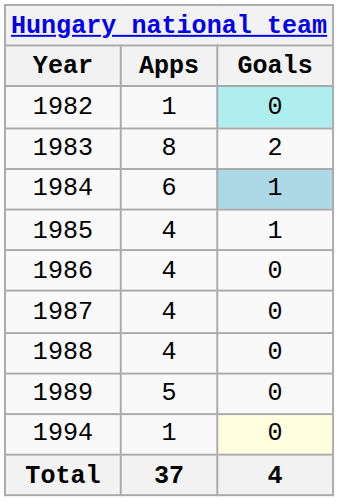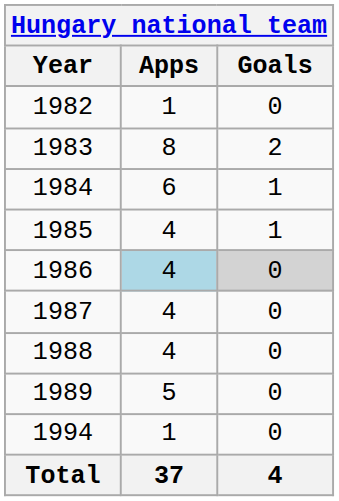 <table class="wikitable" style="text-align:center">
 <tr>
 <th colspan=3><a href='#'>Hungary national team</a></th>
 </tr>
 <tr>
 <th>Year</th>
 <th>Apps</th>
 <th>Goals</th>
 </tr>
 <tr>
 </tr>
 <tr>
 <td>1982</td>
 <td>1</td>
-<td style="background: paleturquoise;">0</td>
+<td>0</td>
 </tr>
 <tr>
 <td>1983</td>
 <td>8</td>
 <td>2</td>
 </tr>
 <tr>
 <td>1984</td>
 <td>6</td>
-<td style="background: lightblue;">1</td>
+<td>1</td>
 </tr>
 <tr>
 <td>1985</td>
 <td>4</td>
 <td>1</td>
 </tr>
 <tr>
 <td>1986</td>
-<td>4</td>
-<td>0</td>
+<td style="background: lightblue;">4</td>
+<td style="background: lightgrey;">0</td>
 </tr>
 <tr>
 <td>1987</td>
 <td>4</td>
 <td>0</td>
 </tr>
 <tr>
 <td>1988</td>
 <td>4</td>
 <td>0</td>
 </tr>
 <tr>
 <td>1989</td>
 <td>5</td>
 <td>0</td>
 </tr>
 <tr>
 <td>1994</td>
 <td>1</td>
-<td style="background: lightyellow;">0</td>
+<td>0</td>
 </tr>
 <tr>
 <th>Total</th>
 <th>37</th>
 <th>4</th>
 </tr>
 </table>
